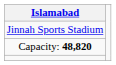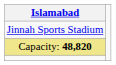 <table class="wikitable" style="text-align:center">
 <tr>
 <th><a href='#'>Islamabad</a></th>
 <td rowspan="4"></td>
 </tr>
 <tr>
 <td><a href='#'>Jinnah Sports Stadium</a></td>
 </tr>
 <tr>
-<td>Capacity: <strong>48,820</strong></td>
+<td style="background: khaki;">Capacity: <strong>48,820</strong></td>
 </tr>
 <tr>
 <td></td>
 </tr>
 </table>
